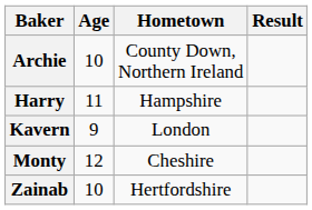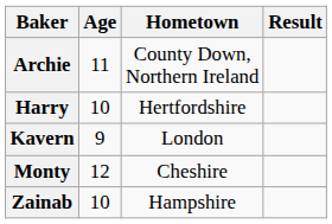 <table class="wikitable sortable" style="display:inline-table; text-align:center">
 <tr>
 <th scope="col">Baker</th>
 <th scope="col">Age</th>
 <th scope="col">Hometown</th>
 <th scope="col">Result</th>
 </tr>
 <tr>
 <th scope="row">Archie</th>
-<td>10</td>
+<td>11</td>
 <td>County Down,<br>Northern Ireland</td>
 <td></td>
 </tr>
 <tr>
 <th scope="row">Harry</th>
-<td>11</td>
-<td>Hampshire</td>
+<td>10</td>
+<td>Hertfordshire</td>
 <td></td>
 </tr>
 <tr>
 <th scope="row">Kavern</th>
 <td>9</td>
 <td>London</td>
 <td></td>
 </tr>
 <tr>
 <th scope="row">Monty</th>
 <td>12</td>
 <td>Cheshire</td>
 <td></td>
 </tr>
 <tr>
 <th scope="row">Zainab</th>
 <td>10</td>
-<td>Hertfordshire</td>
+<td>Hampshire</td>
 <td></td>
 </tr>
 </table>
